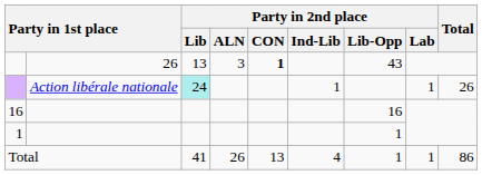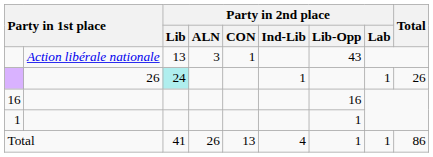 <table class="wikitable" style="text-align:right;">
 <tr>
 <th rowspan="2" colspan="2" style="text-align:left;">Party in 1st place</th>
 <th colspan="6">Party in 2nd place</th>
 <th rowspan="2">Total</th>
 </tr>
 <tr>
 <th>Lib</th>
 <th>ALN</th>
 <th>CON</th>
 <th>Ind-Lib</th>
 <th>Lib-Opp</th>
 <th>Lab</th>
 </tr>
 <tr>
 <td></td>
-<td>26</td>
+<td style="text-align:left;"><em><a href='#'>Action libérale nationale</a></em></td>
 <td>13</td>
 <td>3</td>
-<td><strong>1</strong></td>
+<td>1</td>
 <td></td>
 <td>43</td>
 </tr>
 <tr>
 <td style="background-color:#D9B2FF;"></td>
-<td style="text-align:left;"><em><a href='#'>Action libérale nationale</a></em></td>
+<td>26</td>
 <td style="background: paleturquoise;">24</td>
 <td></td>
 <td></td>
 <td>1</td>
 <td></td>
 <td>1</td>
 <td>26</td>
 </tr>
 <tr>
 <td>16</td>
 <td></td>
 <td></td>
 <td></td>
 <td></td>
 <td></td>
 <td>16</td>
 </tr>
 <tr>
 <td>1</td>
 <td></td>
 <td></td>
 <td></td>
 <td></td>
 <td></td>
 <td>1</td>
 </tr>
 <tr>
 <td colspan="2" style="text-align:left;">Total</td>
 <td>41</td>
 <td>26</td>
 <td>13</td>
 <td>4</td>
 <td>1</td>
 <td>1</td>
 <td>86</td>
 </tr>
 </table>
